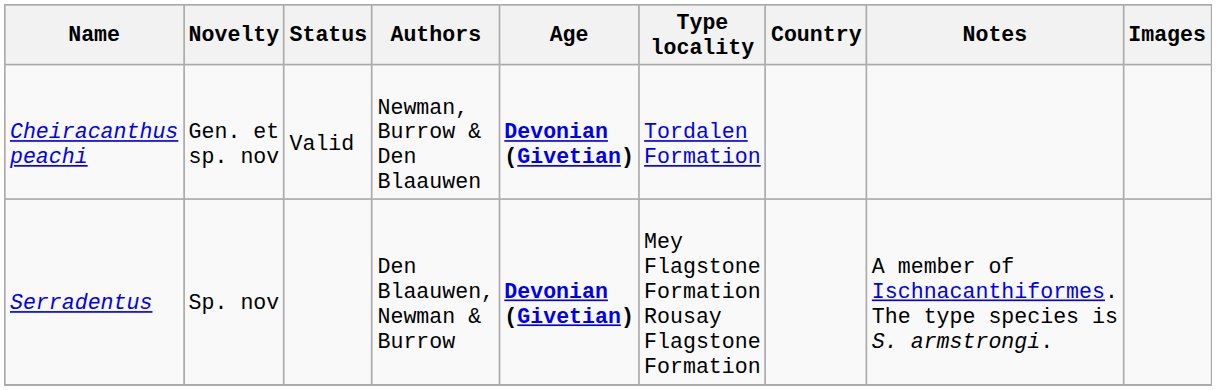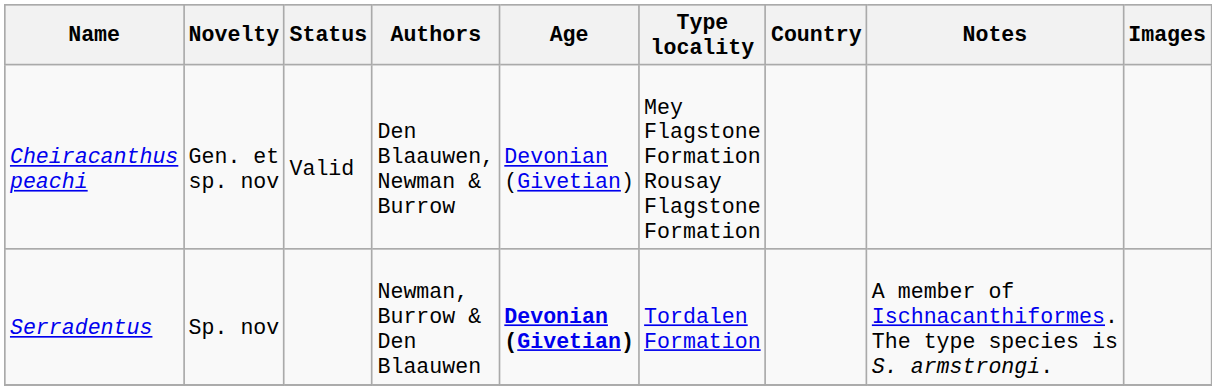 <table class="wikitable sortable" align="center" width="100%">
 <tr>
 <th>Name</th>
 <th>Novelty</th>
 <th>Status</th>
 <th>Authors</th>
 <th>Age</th>
 <th>Type locality</th>
 <th>Country</th>
 <th>Notes</th>
 <th>Images</th>
 </tr>
 <tr>
 <td><br><em><a href='#'>Cheiracanthus peachi</a></em></td>
 <td><br>Gen. et sp. nov</td>
 <td><br>Valid</td>
-<td><br>Newman, Burrow & Den Blaauwen</td>
-<td><strong><br><a href='#'>Devonian</a> (<a href='#'>Givetian</a>)</strong></td>
-<td><br><a href='#'>Tordalen Formation</a></td>
+<td><br>Den Blaauwen, Newman & Burrow</td>
+<td><br><a href='#'>Devonian</a> (<a href='#'>Givetian</a>)</td>
+<td><br>Mey Flagstone Formation<br> Rousay Flagstone Formation</td>
 <td><br></td>
 <td></td>
 <td></td>
 </tr>
 <tr>
 <td><br><em><a href='#'>Serradentus</a></em></td>
 <td><br>Sp. nov</td>
 <td></td>
-<td><br>Den Blaauwen, Newman & Burrow</td>
+<td><br>Newman, Burrow & Den Blaauwen</td>
 <td><strong><br><a href='#'>Devonian</a> (<a href='#'>Givetian</a>)</strong></td>
-<td><br>Mey Flagstone Formation<br> Rousay Flagstone Formation</td>
+<td><br><a href='#'>Tordalen Formation</a></td>
 <td><br><br> </td>
 <td><br>A member of <a href='#'>Ischnacanthiformes</a>. The type species is <em>S. armstrongi</em>.</td>
 <td></td>
 </tr>
 <tr>
 </tr>
 </table>
